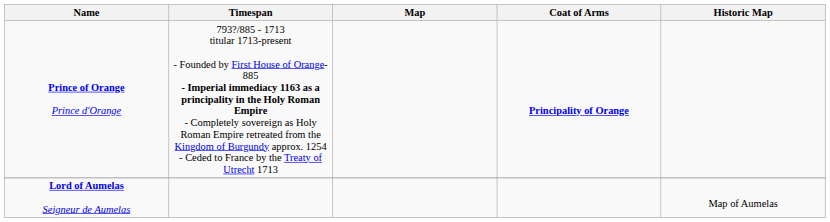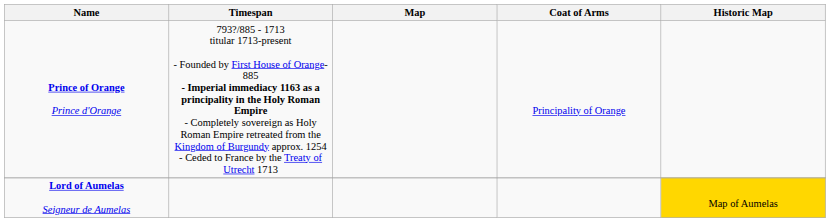 <table class="wikitable" style="text-align:center; width:100%">
 <tr>
 <th width=20%>Name</th>
 <th width=20%>Timespan</th>
 <th width=20%>Map</th>
 <th width=20%>Coat of Arms</th>
 <th width=20%>Historic Map</th>
 </tr>
 <tr>
 <td><strong><a href='#'>Prince of Orange</a></strong><br><br><em><a href='#'>Prince d'Orange</a></em></td>
 <td>793?/885 - 1713<br>titular 1713-present<br><br>- Founded by <a href='#'>First House of Orange</a>-	885 <br><strong>- Imperial immediacy 1163 as a principality in the Holy Roman Empire</strong><br>- Completely sovereign as Holy Roman Empire retreated from the <a href='#'>Kingdom of Burgundy</a> approx. 1254<br>- Ceded to France by the <a href='#'>Treaty of Utrecht</a> 1713</td>
 <td></td>
-<td><strong><br><br> <a href='#'>Principality of Orange</a></strong></td>
+<td><br><br> <a href='#'>Principality of Orange</a></td>
 <td></td>
 </tr>
 <tr>
 </tr>
 <tr>
 <td><strong><a href='#'>Lord of Aumelas</a></strong><br><br><em><a href='#'>Seigneur de Aumelas</a></em></td>
 <td></td>
 <td></td>
 <td><br></td>
-<td><br>Map of Aumelas</td>
+<td style="background: gold;"><br>Map of Aumelas</td>
 </tr>
 </table>
